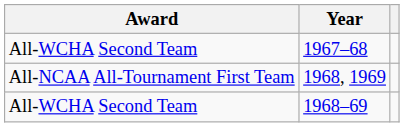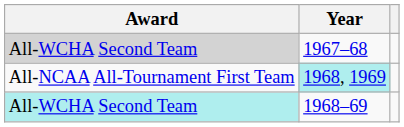 <table class="wikitable">
 <tr>
 <th>Award</th>
 <th>Year</th>
 <th></th>
 </tr>
 <tr>
-<td>All-<a href='#'>WCHA</a> <a href='#'>Second Team</a></td>
+<td style="background: lightgrey;">All-<a href='#'>WCHA</a> <a href='#'>Second Team</a></td>
 <td><a href='#'>1967–68</a></td>
 <td></td>
 </tr>
 <tr>
 <td>All-<a href='#'>NCAA</a> <a href='#'>All-Tournament First Team</a></td>
-<td><a href='#'>1968</a>, <a href='#'>1969</a></td>
+<td style="background: paleturquoise;"><a href='#'>1968</a>, <a href='#'>1969</a></td>
 <td></td>
 </tr>
 <tr>
-<td>All-<a href='#'>WCHA</a> <a href='#'>Second Team</a></td>
+<td style="background: paleturquoise;">All-<a href='#'>WCHA</a> <a href='#'>Second Team</a></td>
 <td><a href='#'>1968–69</a></td>
 <td></td>
 </tr>
 </table>
